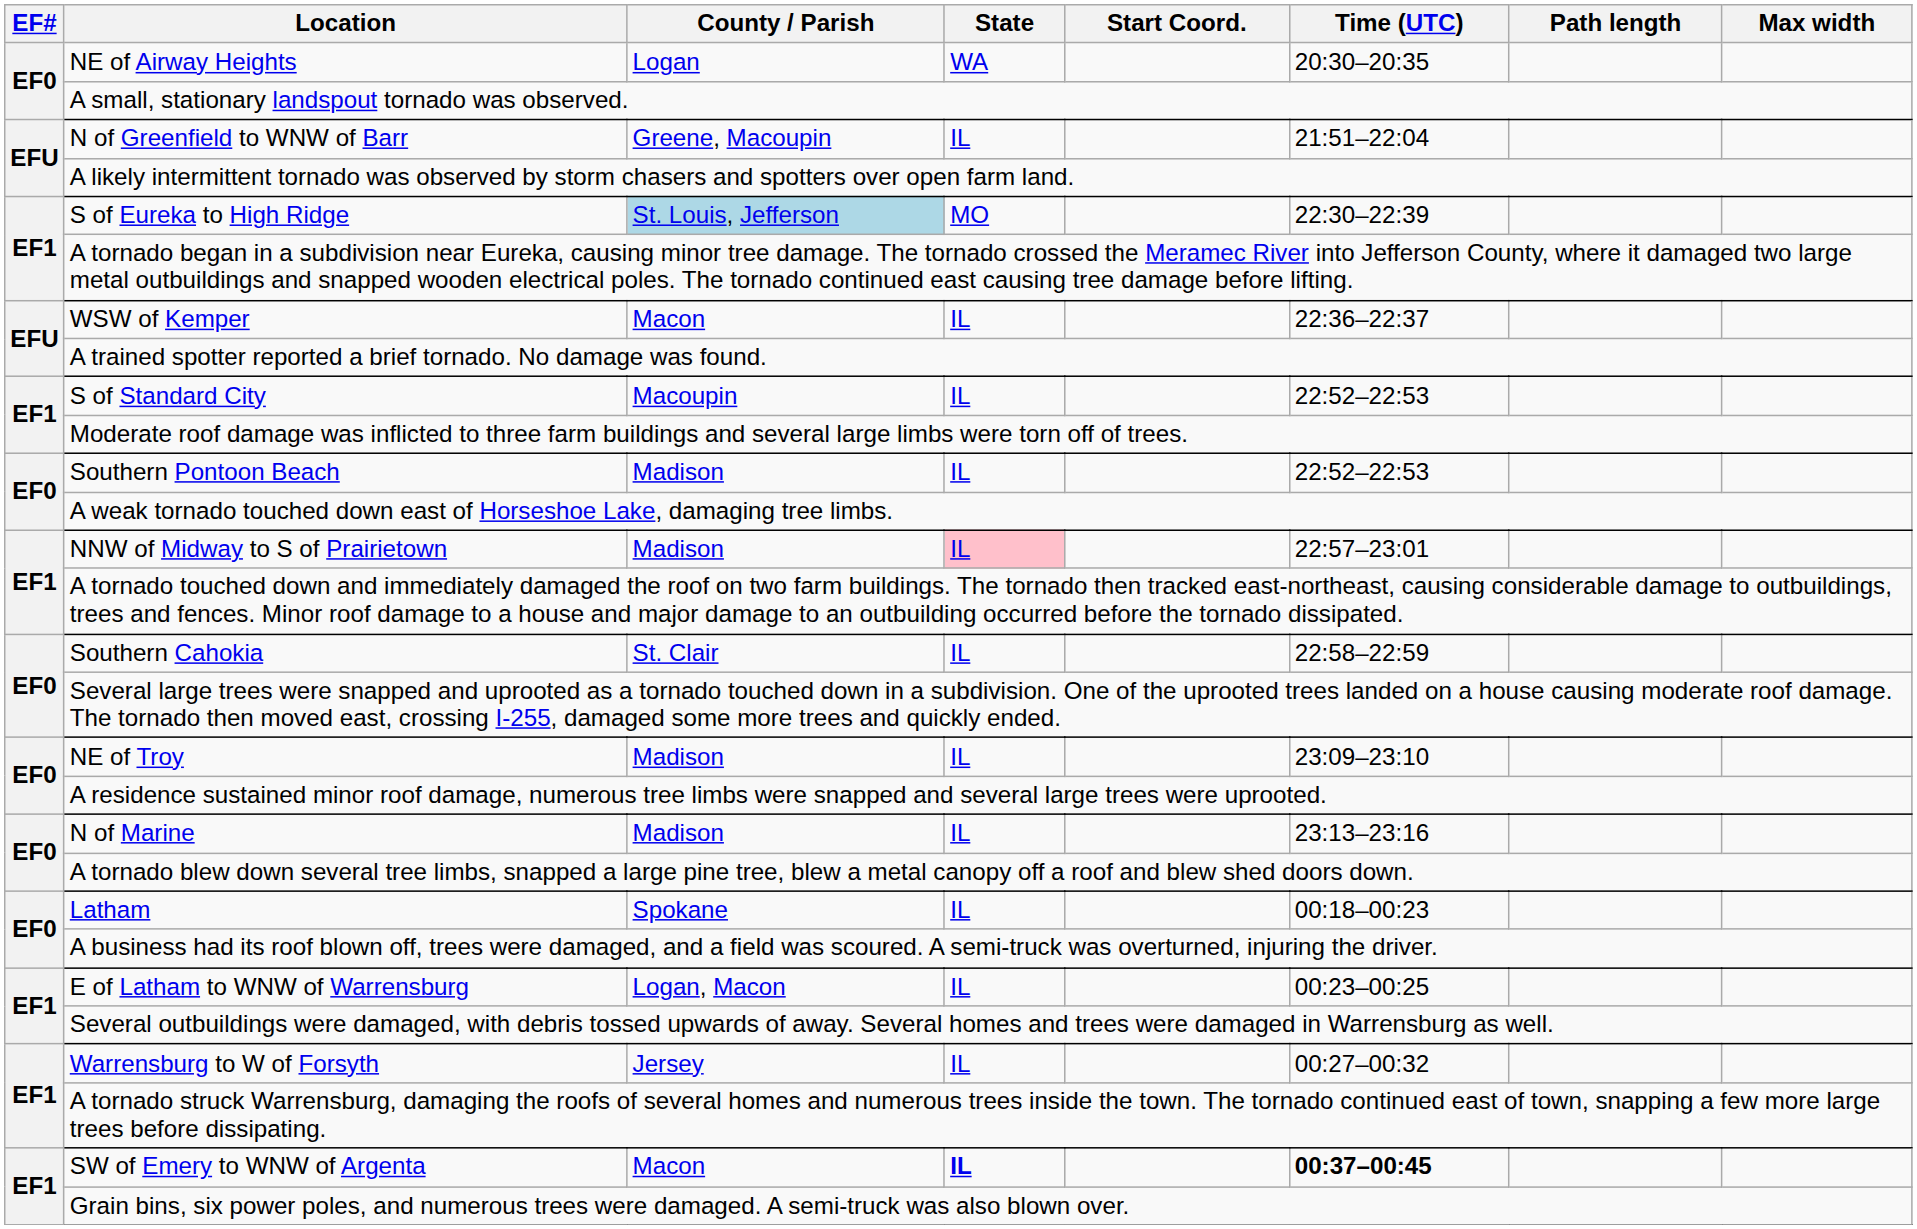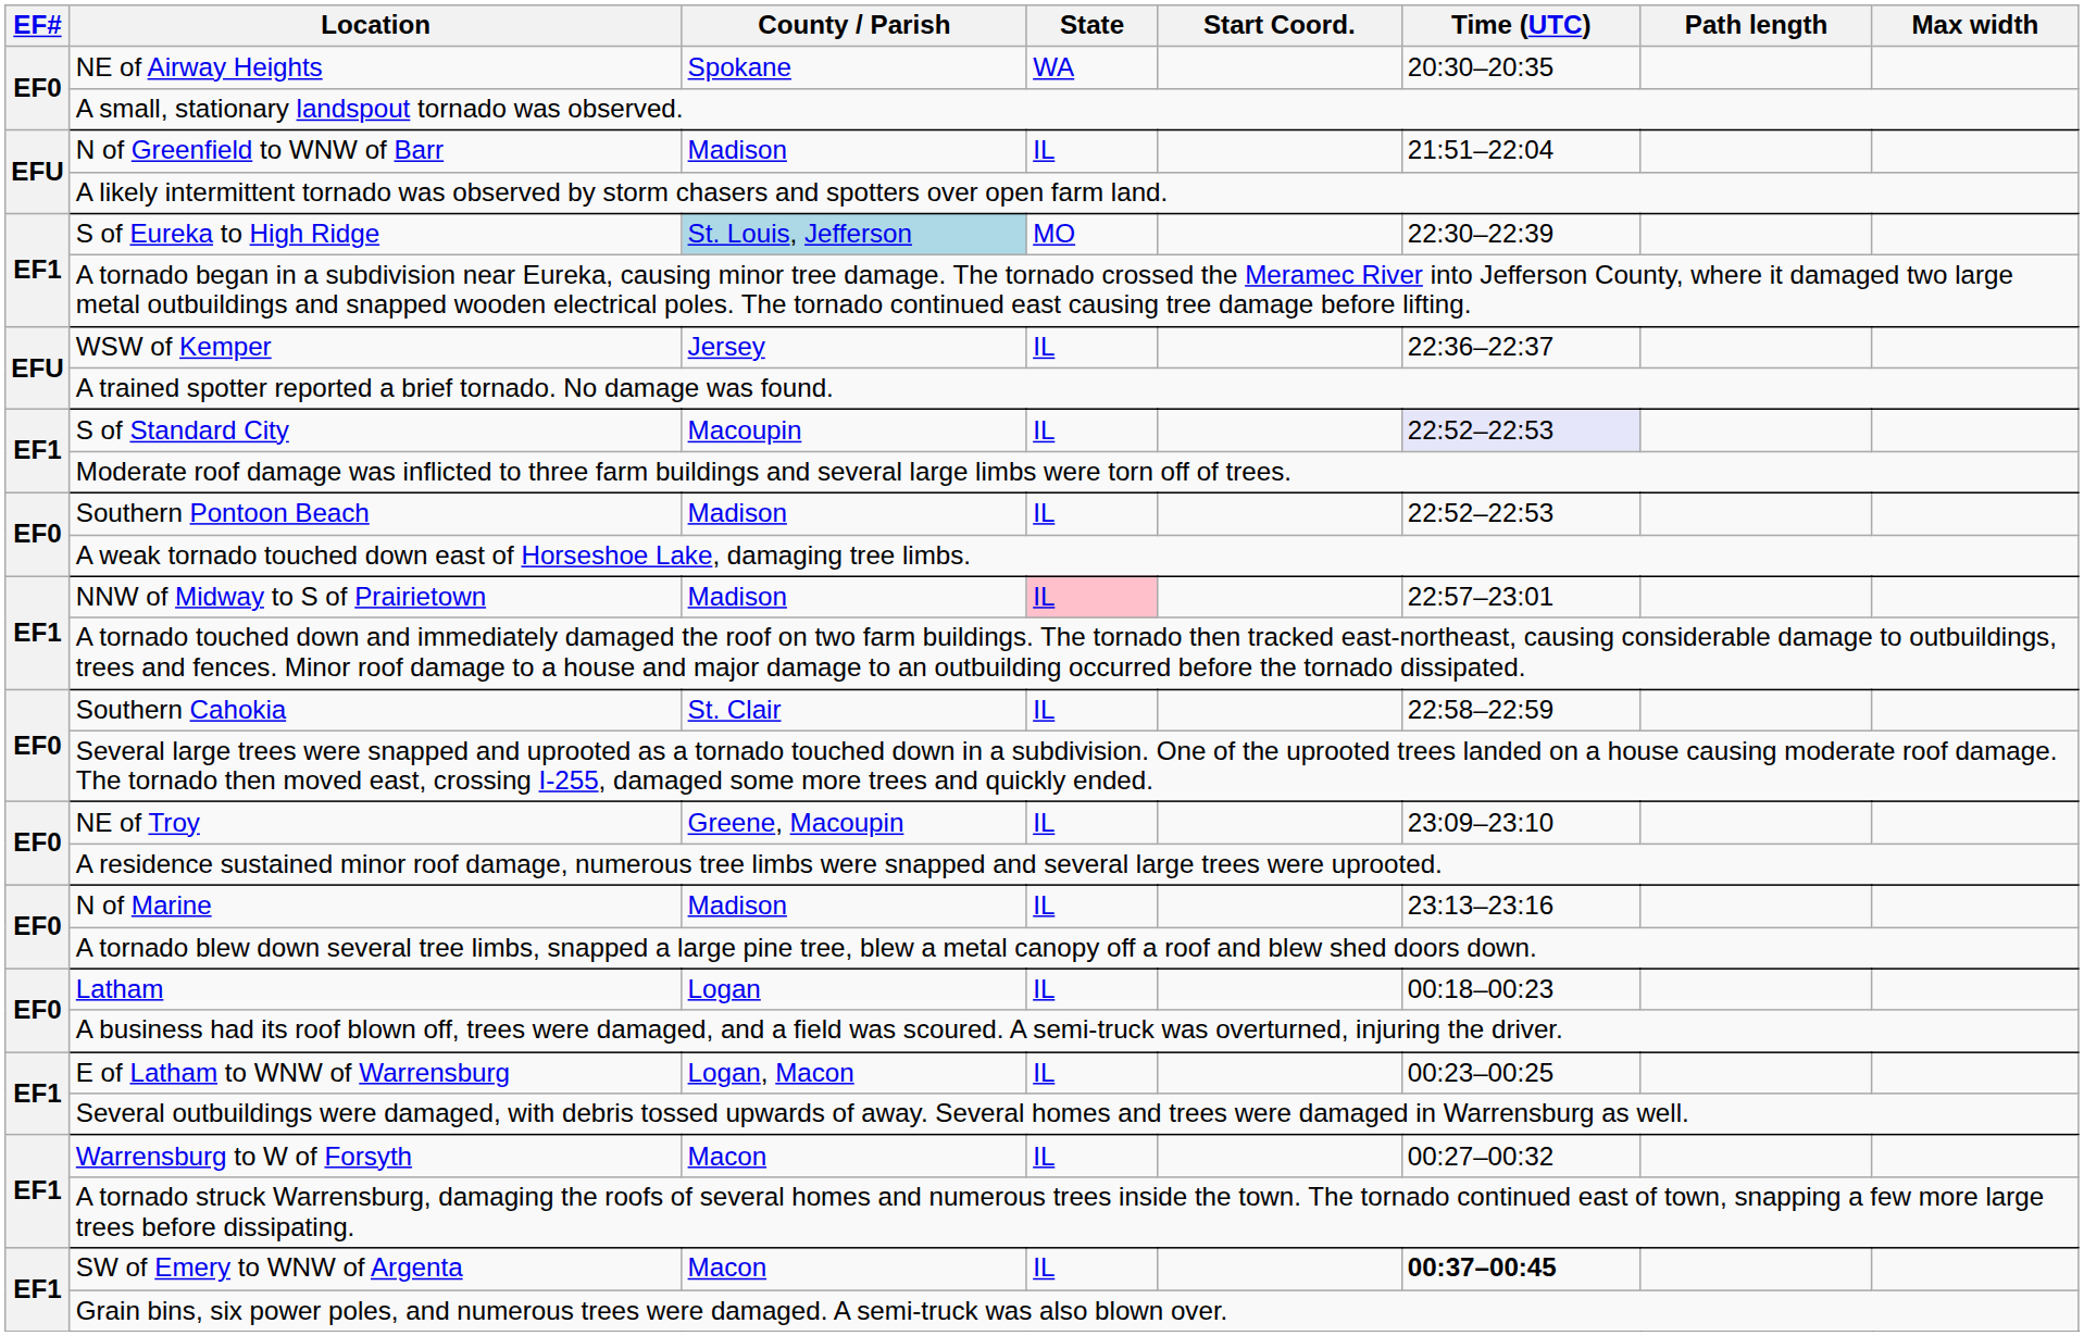 <table class="wikitable sortable" style="width:100%;">
 <tr>
 <th scope="col" width="2%" align="center"><a href='#'>EF#</a></th>
 <th scope="col" align="center" class="unsortable">Location</th>
 <th scope="col" align="center" class="unsortable">County / Parish</th>
 <th scope="col" align="center">State</th>
 <th scope="col" align="center">Start Coord.</th>
 <th scope="col" align="center">Time (<a href='#'>UTC</a>)</th>
 <th scope="col" align="center">Path length</th>
 <th scope="col" align="center">Max width</th>
 </tr>
 <tr>
 <th scope="row" rowspan="2" style="background-color:#">EF0</th>
 <td>NE of <a href='#'>Airway Heights</a></td>
-<td><a href='#'>Logan</a></td>
+<td><a href='#'>Spokane</a></td>
 <td><a href='#'>WA</a></td>
 <td></td>
 <td>20:30–20:35</td>
 <td></td>
 <td></td>
 </tr>
 <tr class="expand-child">
 <td colspan="8" style=" border-bottom: 1px solid black;">A small, stationary <a href='#'>landspout</a> tornado was observed.</td>
 </tr>
 <tr>
 <th scope="row" rowspan="2" style="background-color:#">EFU</th>
 <td>N of <a href='#'>Greenfield</a> to WNW of <a href='#'>Barr</a></td>
-<td><a href='#'>Greene</a>, <a href='#'>Macoupin</a></td>
+<td><a href='#'>Madison</a></td>
 <td><a href='#'>IL</a></td>
 <td></td>
 <td>21:51–22:04</td>
 <td></td>
 <td></td>
 </tr>
 <tr class="expand-child">
 <td colspan="8" style=" border-bottom: 1px solid black;">A likely intermittent tornado was observed by storm chasers and spotters over open farm land.</td>
 </tr>
 <tr>
 <th scope="row" rowspan="2" style="background-color:#">EF1</th>
 <td>S of <a href='#'>Eureka</a> to <a href='#'>High Ridge</a></td>
 <td style="background: lightblue;"><a href='#'>St. Louis</a>, <a href='#'>Jefferson</a></td>
 <td><a href='#'>MO</a></td>
 <td></td>
 <td>22:30–22:39</td>
 <td></td>
 <td></td>
 </tr>
 <tr class="expand-child">
 <td colspan="8" style=" border-bottom: 1px solid black;">A tornado began in a subdivision near Eureka, causing minor tree damage. The tornado crossed the <a href='#'>Meramec River</a> into Jefferson County, where it damaged two large metal outbuildings and snapped wooden electrical poles. The tornado continued east causing tree damage before lifting.</td>
 </tr>
 <tr>
 <th scope="row" rowspan="2" style="background-color:#">EFU</th>
 <td>WSW of <a href='#'>Kemper</a></td>
-<td><a href='#'>Macon</a></td>
+<td><a href='#'>Jersey</a></td>
 <td><a href='#'>IL</a></td>
 <td></td>
 <td>22:36–22:37</td>
 <td></td>
 <td></td>
 </tr>
 <tr class="expand-child">
 <td colspan="8" style=" border-bottom: 1px solid black;">A trained spotter reported a brief tornado. No damage was found.</td>
 </tr>
 <tr>
 <th scope="row" rowspan="2" style="background-color:#">EF1</th>
 <td>S of <a href='#'>Standard City</a></td>
 <td><a href='#'>Macoupin</a></td>
 <td><a href='#'>IL</a></td>
 <td></td>
-<td>22:52–22:53</td>
+<td style="background: lavender;">22:52–22:53</td>
 <td></td>
 <td></td>
 </tr>
 <tr class="expand-child">
 <td colspan="8" style=" border-bottom: 1px solid black;">Moderate roof damage was inflicted to three farm buildings and several large limbs were torn off of trees.</td>
 </tr>
 <tr>
 <th scope="row" rowspan="2" style="background-color:#">EF0</th>
 <td>Southern <a href='#'>Pontoon Beach</a></td>
 <td><a href='#'>Madison</a></td>
 <td><a href='#'>IL</a></td>
 <td></td>
 <td>22:52–22:53</td>
 <td></td>
 <td></td>
 </tr>
 <tr class="expand-child">
 <td colspan="8" style=" border-bottom: 1px solid black;">A weak tornado touched down east of <a href='#'>Horseshoe Lake</a>, damaging tree limbs.</td>
 </tr>
 <tr>
 <th scope="row" rowspan="2" style="background-color:#">EF1</th>
 <td>NNW of <a href='#'>Midway</a> to S of <a href='#'>Prairietown</a></td>
 <td><a href='#'>Madison</a></td>
 <td style="background: pink;"><a href='#'>IL</a></td>
 <td></td>
 <td>22:57–23:01</td>
 <td></td>
 <td></td>
 </tr>
 <tr class="expand-child">
 <td colspan="8" style=" border-bottom: 1px solid black;">A tornado touched down and immediately damaged the roof on two farm buildings. The tornado then tracked east-northeast, causing considerable damage to outbuildings, trees and fences. Minor roof damage to a house and major damage to an outbuilding occurred before the tornado dissipated.</td>
 </tr>
 <tr>
 <th scope="row" rowspan="2" style="background-color:#">EF0</th>
 <td>Southern <a href='#'>Cahokia</a></td>
 <td><a href='#'>St. Clair</a></td>
 <td><a href='#'>IL</a></td>
 <td></td>
 <td>22:58–22:59</td>
 <td></td>
 <td></td>
 </tr>
 <tr class="expand-child">
 <td colspan="8" style=" border-bottom: 1px solid black;">Several large trees were snapped and uprooted as a tornado touched down in a subdivision. One of the uprooted trees landed on a house causing moderate roof damage. The tornado then moved east, crossing <a href='#'>I-255</a>, damaged some more trees and quickly ended.</td>
 </tr>
 <tr>
 <th scope="row" rowspan="2" style="background-color:#">EF0</th>
 <td>NE of <a href='#'>Troy</a></td>
-<td><a href='#'>Madison</a></td>
+<td><a href='#'>Greene</a>, <a href='#'>Macoupin</a></td>
 <td><a href='#'>IL</a></td>
 <td></td>
 <td>23:09–23:10</td>
 <td></td>
 <td></td>
 </tr>
 <tr class="expand-child">
 <td colspan="8" style=" border-bottom: 1px solid black;">A residence sustained minor roof damage, numerous tree limbs were snapped and several large trees were uprooted.</td>
 </tr>
 <tr>
 <th scope="row" rowspan="2" style="background-color:#">EF0</th>
 <td>N of <a href='#'>Marine</a></td>
 <td><a href='#'>Madison</a></td>
 <td><a href='#'>IL</a></td>
 <td></td>
 <td>23:13–23:16</td>
 <td></td>
 <td></td>
 </tr>
 <tr class="expand-child">
 <td colspan="8" style=" border-bottom: 1px solid black;">A tornado blew down several tree limbs, snapped a large pine tree, blew a metal canopy off a roof and blew shed doors down.</td>
 </tr>
 <tr>
 <th scope="row" rowspan="2" style="background-color:#">EF0</th>
 <td><a href='#'>Latham</a></td>
-<td><a href='#'>Spokane</a></td>
+<td><a href='#'>Logan</a></td>
 <td><a href='#'>IL</a></td>
 <td></td>
 <td>00:18–00:23</td>
 <td></td>
 <td></td>
 </tr>
 <tr class="expand-child">
 <td colspan="8" style=" border-bottom: 1px solid black;">A business had its roof blown off, trees were damaged, and a field was scoured. A semi-truck was overturned, injuring the driver.</td>
 </tr>
 <tr>
 <th scope="row" rowspan="2" style="background-color:#">EF1</th>
 <td>E of <a href='#'>Latham</a> to WNW of <a href='#'>Warrensburg</a></td>
 <td><a href='#'>Logan</a>, <a href='#'>Macon</a></td>
 <td><a href='#'>IL</a></td>
 <td></td>
 <td>00:23–00:25</td>
 <td></td>
 <td></td>
 </tr>
 <tr class="expand-child">
 <td colspan="8" style=" border-bottom: 1px solid black;">Several outbuildings were damaged, with debris tossed upwards of  away. Several homes and trees were damaged in Warrensburg as well.</td>
 </tr>
 <tr>
 <th scope="row" rowspan="2" style="background-color:#">EF1</th>
 <td><a href='#'>Warrensburg</a> to W of <a href='#'>Forsyth</a></td>
-<td><a href='#'>Jersey</a></td>
+<td><a href='#'>Macon</a></td>
 <td><a href='#'>IL</a></td>
 <td></td>
 <td>00:27–00:32</td>
 <td></td>
 <td></td>
 </tr>
 <tr class="expand-child">
 <td colspan="8" style=" border-bottom: 1px solid black;">A tornado struck Warrensburg, damaging the roofs of several homes and numerous trees inside the town. The tornado continued east of town, snapping a few more large trees before dissipating.</td>
 </tr>
 <tr>
 <th scope="row" rowspan="2" style="background-color:#">EF1</th>
 <td>SW of <a href='#'>Emery</a> to WNW of <a href='#'>Argenta</a></td>
 <td><a href='#'>Macon</a></td>
-<td><strong><a href='#'>IL</a></strong></td>
+<td><a href='#'>IL</a></td>
 <td></td>
 <td><strong>00:37–00:45</strong></td>
 <td></td>
 <td></td>
 </tr>
 <tr class="expand-child">
 <td colspan="8" style=" border-bottom: 1px solid black;">Grain bins, six power poles, and numerous trees were damaged. A semi-truck was also blown over.</td>
 </tr>
 <tr>
 </tr>
 </table>
